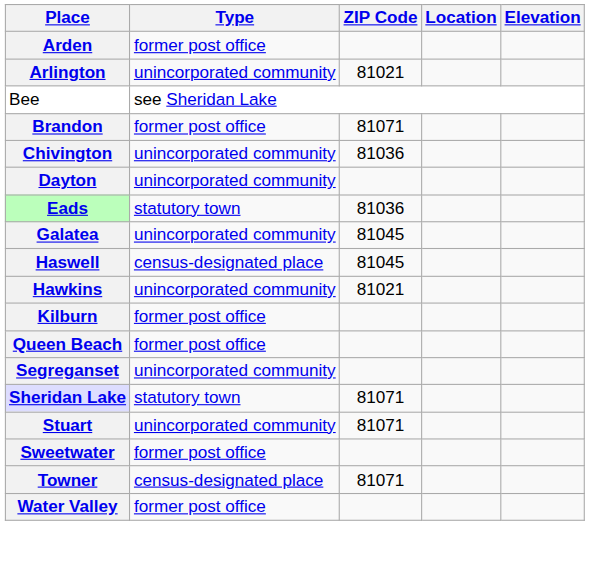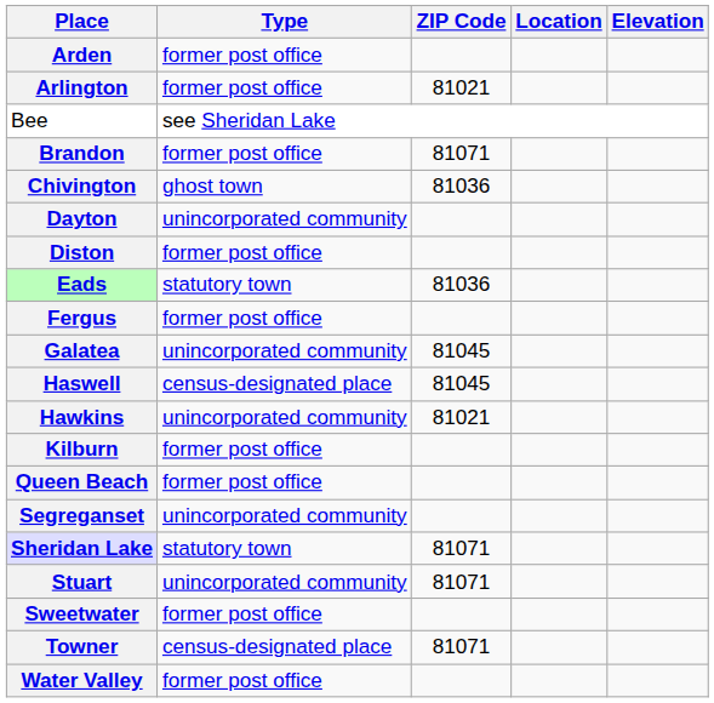 <table class="wikitable sortable  plainrowheaders" style="margin:auto;">
 <tr>
 <th scope=col><a href='#'>Place</a></th>
 <th scope=col><a href='#'>Type</a></th>
 <th scope=col><a href='#'>ZIP Code</a></th>
 <th scope=col><a href='#'>Location</a></th>
 <th scope=col><a href='#'>Elevation</a></th>
 </tr>
 <tr>
 <th scope=row><a href='#'>Arden</a></th>
 <td><a href='#'>former post office</a></td>
 <td align=center></td>
 <td></td>
 <td></td>
 </tr>
 <tr>
 <th scope=row><a href='#'>Arlington</a></th>
-<td><a href='#'>unincorporated community</a></td>
+<td><a href='#'>former post office</a></td>
 <td align=center>81021</td>
 <td></td>
 <td align=right></td>
 </tr>
 <tr bgcolor=white>
 <td>Bee</td>
 <td colspan=4>see <a href='#'>Sheridan Lake</a></td>
 </tr>
 <tr>
 <th scope=row><a href='#'>Brandon</a></th>
 <td><a href='#'>former post office</a></td>
 <td align=center>81071</td>
 <td></td>
 <td align=right></td>
 </tr>
 <tr>
 <th scope=row><a href='#'>Chivington</a></th>
-<td><a href='#'>unincorporated community</a></td>
+<td><a href='#'>ghost town</a></td>
 <td align=center>81036</td>
 <td></td>
 <td align=right></td>
 </tr>
 <tr>
 <th scope=row><a href='#'>Dayton</a></th>
 <td><a href='#'>unincorporated community</a></td>
 <td align=center></td>
 <td></td>
 <td></td>
 </tr>
 <tr>
+<th scope=row><a href='#'>Diston</a></th>
+<td><a href='#'>former post office</a></td>
+<td align=center></td>
+<td></td>
+<td></td>
+</tr>
+<tr>
 <th scope=row style="background:#BBFFBB;"><a href='#'>Eads</a></th>
 <td><a href='#'>statutory town</a></td>
 <td align=center>81036</td>
 <td></td>
 <td align=right></td>
+</tr>
+<tr>
+<th scope=row><a href='#'>Fergus</a></th>
+<td><a href='#'>former post office</a></td>
+<td align=center></td>
+<td></td>
+<td></td>
 </tr>
 <tr>
 <th scope=row><a href='#'>Galatea</a></th>
 <td><a href='#'>unincorporated community</a></td>
 <td align=center>81045</td>
 <td></td>
 <td align=right></td>
 </tr>
 <tr>
 <th scope=row><a href='#'>Haswell</a></th>
 <td><a href='#'>census-designated place</a></td>
 <td align=center>81045</td>
 <td></td>
 <td align=right></td>
 </tr>
 <tr>
 <th scope=row><a href='#'>Hawkins</a></th>
 <td><a href='#'>unincorporated community</a></td>
 <td align=center>81021</td>
 <td></td>
 <td align=right></td>
 </tr>
 <tr>
 <th scope=row><a href='#'>Kilburn</a></th>
 <td><a href='#'>former post office</a></td>
 <td align=center></td>
 <td></td>
 <td></td>
 </tr>
 <tr>
 <th scope=row><a href='#'>Queen Beach</a></th>
 <td><a href='#'>former post office</a></td>
 <td align=center></td>
 <td></td>
 <td></td>
 </tr>
 <tr>
 <th scope=row><a href='#'>Segreganset</a></th>
 <td><a href='#'>unincorporated community</a></td>
 <td align=center></td>
 <td></td>
 <td></td>
 </tr>
 <tr>
 <th scope=row style="background:#DDDDFF;"><a href='#'>Sheridan Lake</a></th>
 <td><a href='#'>statutory town</a></td>
 <td align=center>81071</td>
 <td></td>
 <td align=right></td>
 </tr>
 <tr>
 <th scope=row><a href='#'>Stuart</a></th>
 <td><a href='#'>unincorporated community</a></td>
 <td align=center>81071</td>
 <td></td>
 <td align=right></td>
 </tr>
 <tr>
 <th scope=row><a href='#'>Sweetwater</a></th>
 <td><a href='#'>former post office</a></td>
 <td align=center></td>
 <td></td>
 <td></td>
 </tr>
 <tr>
 <th scope=row><a href='#'>Towner</a></th>
 <td><a href='#'>census-designated place</a></td>
 <td align=center>81071</td>
 <td></td>
 <td align=right></td>
 </tr>
 <tr>
 <th scope=row><a href='#'>Water Valley</a></th>
 <td><a href='#'>former post office</a></td>
 <td align=center></td>
 <td></td>
 <td></td>
 </tr>
 </table>
